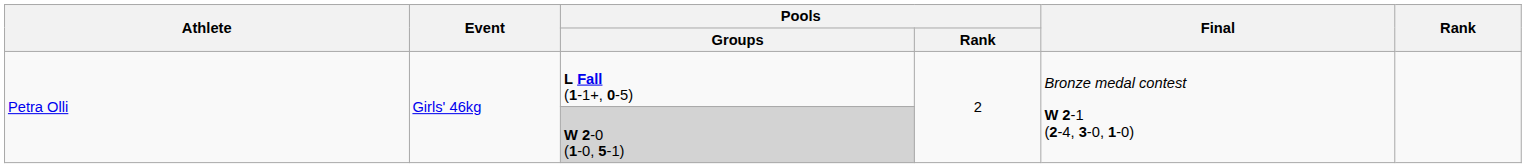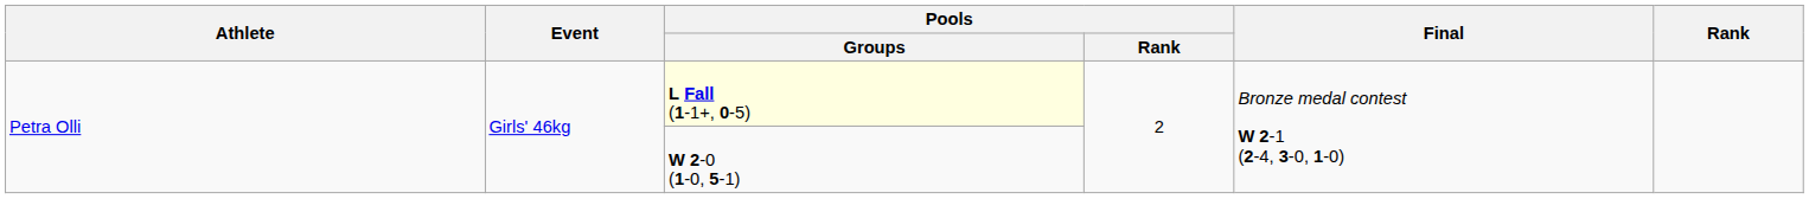 <table class="wikitable" width="75%" style="text-align:left; font-size:90%">
 <tr>
 <th rowspan="2" width="16%">Athlete</th>
 <th rowspan="2" width="6%">Event</th>
 <th colspan="2">Pools</th>
 <th rowspan="2" width="14%">Final</th>
 <th rowspan="2" width="5%">Rank</th>
 </tr>
 <tr>
 <th width="14%">Groups</th>
 <th width="5%">Rank</th>
 </tr>
 <tr>
 <td rowspan="2"><a href='#'>Petra Olli</a></td>
 <td rowspan="2"><a href='#'>Girls' 46kg</a></td>
-<td><br> <strong>L</strong> <strong><a href='#'>Fall</a></strong><br>(<strong>1</strong>-1+, <strong>0</strong>-5)</td>
+<td style="background: lightyellow;"><br> <strong>L</strong> <strong><a href='#'>Fall</a></strong><br>(<strong>1</strong>-1+, <strong>0</strong>-5)</td>
 <td rowspan="2" align=center>2</td>
 <td rowspan="2"><em>Bronze medal contest</em><br><br> <strong>W</strong> <strong>2</strong>-1<br>(<strong>2</strong>-4, <strong>3</strong>-0, <strong>1</strong>-0)</td>
 <td rowspan="2" align="center"></td>
 </tr>
 <tr>
-<td style="background: lightgrey;"><br> <strong>W</strong> <strong>2</strong>-0<br>(<strong>1</strong>-0, <strong>5</strong>-1)</td>
+<td><br> <strong>W</strong> <strong>2</strong>-0<br>(<strong>1</strong>-0, <strong>5</strong>-1)</td>
 </tr>
 </table>
